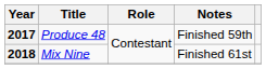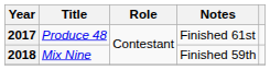 <table class="wikitable plainrowheaders">
 <tr>
 <th scope="col">Year</th>
 <th scope="col">Title</th>
 <th scope="col">Role</th>
 <th scope="col">Notes</th>
 <th scope="col" class="unsortable"></th>
 </tr>
 <tr>
 <th scope="row">2017</th>
 <td><em><a href='#'>Produce 48</a></em></td>
 <td rowspan="2">Contestant</td>
-<td>Finished 59th</td>
+<td>Finished 61st</td>
 <td style="text-align:center"></td>
 </tr>
 <tr>
 <th scope="row">2018</th>
 <td><em><a href='#'>Mix Nine</a></em></td>
-<td>Finished 61st</td>
+<td>Finished 59th</td>
 <td style="text-align:center"></td>
 </tr>
 <tr>
 </tr>
 </table>
